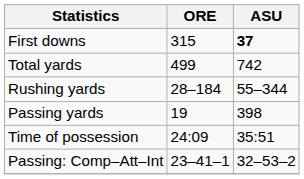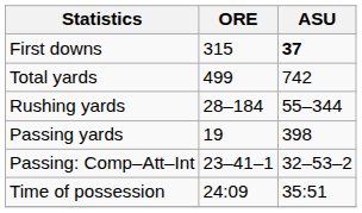 <table class="wikitable" style="float: left;">
 <tr>
 <th>Statistics</th>
 <th>ORE</th>
 <th>ASU</th>
 </tr>
 <tr>
 <td>First downs</td>
 <td>315</td>
 <td><strong>37</strong></td>
 </tr>
 <tr>
 <td>Total yards</td>
 <td>499</td>
 <td>742</td>
 </tr>
 <tr>
 <td>Rushing yards</td>
 <td>28–184</td>
 <td>55–344</td>
 </tr>
 <tr>
 <td>Passing yards</td>
 <td>19</td>
 <td>398</td>
 </tr>
 <tr>
+<td>Passing: Comp–Att–Int</td>
+<td>23–41–1</td>
+<td>32–53–2</td>
+</tr>
+<tr>
 <td>Time of possession</td>
 <td>24:09</td>
 <td>35:51</td>
 </tr>
 <tr>
-<td>Passing: Comp–Att–Int</td>
-<td>23–41–1</td>
-<td>32–53–2</td>
-</tr>
-<tr>
 </tr>
 </table>
